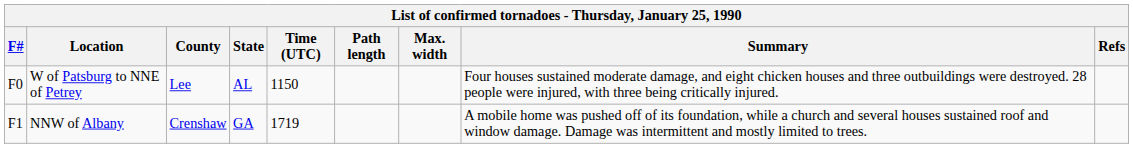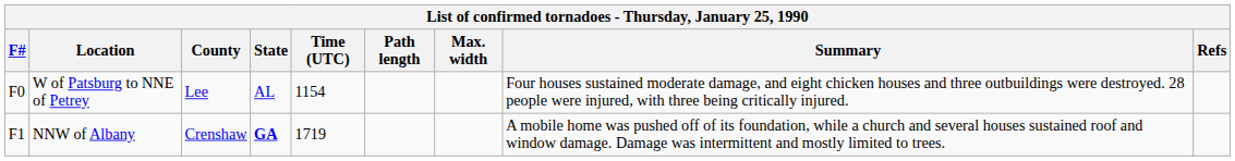 <table class="wikitable collapsible" width="100%">
 <tr>
 <th colspan="9">List of confirmed tornadoes - Thursday, January 25, 1990</th>
 </tr>
 <tr>
 <th><a href='#'>F#</a></th>
 <th>Location</th>
 <th>County</th>
 <th>State</th>
 <th>Time (UTC)</th>
 <th>Path length</th>
 <th>Max. width</th>
 <th>Summary</th>
 <th>Refs</th>
 </tr>
 <tr>
 <td>F0</td>
 <td>W of <a href='#'>Patsburg</a> to NNE of <a href='#'>Petrey</a></td>
 <td><a href='#'>Lee</a></td>
 <td><a href='#'>AL</a></td>
-<td>1150</td>
+<td>1154</td>
 <td></td>
 <td></td>
 <td>Four houses sustained moderate damage, and eight chicken houses and three outbuildings were destroyed. 28 people were injured, with three being critically injured.</td>
 <td></td>
 </tr>
 <tr>
 <td>F1</td>
 <td>NNW of <a href='#'>Albany</a></td>
 <td><a href='#'>Crenshaw</a></td>
-<td><a href='#'>GA</a></td>
+<td><strong><a href='#'>GA</a></strong></td>
 <td>1719</td>
 <td></td>
 <td></td>
 <td>A mobile home was pushed off of its foundation, while a church and several houses sustained roof and window damage. Damage was intermittent and mostly limited to trees.</td>
 <td></td>
 </tr>
 </table>
